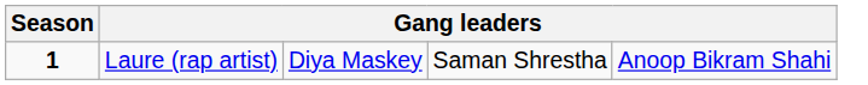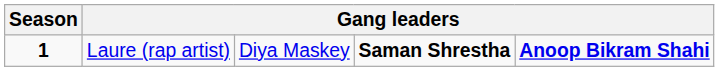 <table class="wikitable">
 <tr>
 <th>Season</th>
 <th colspan="5">Gang leaders</th>
 </tr>
 <tr>
 <td style="text-align:center;"><strong>1</strong></td>
 <td><a href='#'>Laure (rap artist)</a></td>
 <td><a href='#'>Diya Maskey</a></td>
-<td>Saman Shrestha</td>
-<td><a href='#'>Anoop Bikram Shahi</a></td>
+<td><strong>Saman Shrestha</strong></td>
+<td><strong><a href='#'>Anoop Bikram Shahi</a></strong></td>
 </tr>
 </table>
